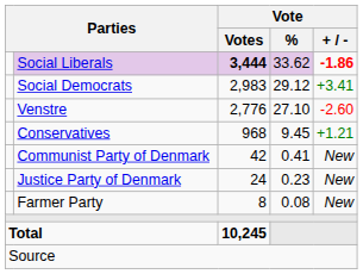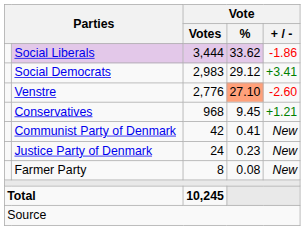 <table class="wikitable" style="text-align:right;">
 <tr>
 <th style="text-align:centre;" rowspan="2" colspan="2" width="225">Parties</th>
 <th colspan="3">Vote</th>
 </tr>
 <tr>
 <th width="15">Votes</th>
 <th width="15">%</th>
 <th width="15">+ / -</th>
 </tr>
 <tr>
 <td width="2" style="color:inherit;background:"></td>
 <td bgcolor=#e3c8e9  align="left"><a href='#'>Social Liberals</a></td>
-<td bgcolor=#e3c8e9><strong>3,444</strong></td>
+<td bgcolor=#e3c8e9>3,444</td>
 <td bgcolor=#e3c8e9>33.62</td>
-<td style=color:red;><strong>-1.86</strong></td>
+<td style=color:red;>-1.86</td>
 </tr>
 <tr>
 <td width="2" style="color:inherit;background:"></td>
 <td align="left"><a href='#'>Social Democrats</a></td>
 <td>2,983</td>
 <td>29.12</td>
 <td style=color:green;>+3.41</td>
 </tr>
 <tr>
 <td width="2" style="color:inherit;background:"></td>
 <td align="left"><a href='#'>Venstre</a></td>
 <td>2,776</td>
-<td>27.10</td>
+<td style="background: lightsalmon;">27.10</td>
 <td style=color:red;>-2.60</td>
 </tr>
 <tr>
 <td width="2" style="color:inherit;background:"></td>
 <td align="left"><a href='#'>Conservatives</a></td>
 <td>968</td>
 <td>9.45</td>
 <td style=color:green;>+1.21</td>
 </tr>
 <tr>
 <td width="2" style="color:inherit;background:"></td>
 <td align="left"><a href='#'>Communist Party of Denmark</a></td>
 <td>42</td>
 <td>0.41</td>
 <td><em>New</em></td>
 </tr>
 <tr>
 <td width="2" style="color:inherit;background:"></td>
 <td align="left"><a href='#'>Justice Party of Denmark</a></td>
 <td>24</td>
 <td>0.23</td>
 <td><em>New</em></td>
 </tr>
 <tr>
 <td width="2" style="color:inherit;background:"></td>
 <td align="left">Farmer Party</td>
 <td>8</td>
 <td>0.08</td>
 <td><em>New</em></td>
 </tr>
 <tr>
 <td colspan="7" bgcolor="#E9E9E9"></td>
 </tr>
 <tr>
 <td align="left" colspan="2"><strong>Total</strong></td>
 <td><strong>10,245</strong></td>
 <td bgcolor="#E9E9E9" colspan="2"></td>
 </tr>
 <tr>
 <td align="left" colspan="6">Source</td>
 </tr>
 </table>
